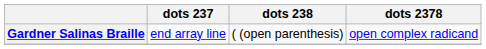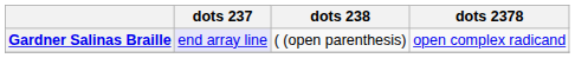 <table class="wikitable">
 <tr>
 <th></th>
 <th>dots 237</th>
 <th>dots 238</th>
 <th>dots 2378</th>
 </tr>
 <tr>
 <th align=left><a href='#'>Gardner Salinas Braille</a></th>
-<td><a href='#'>end array line</a></td>
+<td style="background: lavender;"><a href='#'>end array line</a></td>
 <td>( (open parenthesis)</td>
 <td><a href='#'>open complex radicand</a></td>
 </tr>
 <tr>
 </tr>
 <tr>
 </tr>
 </table>
